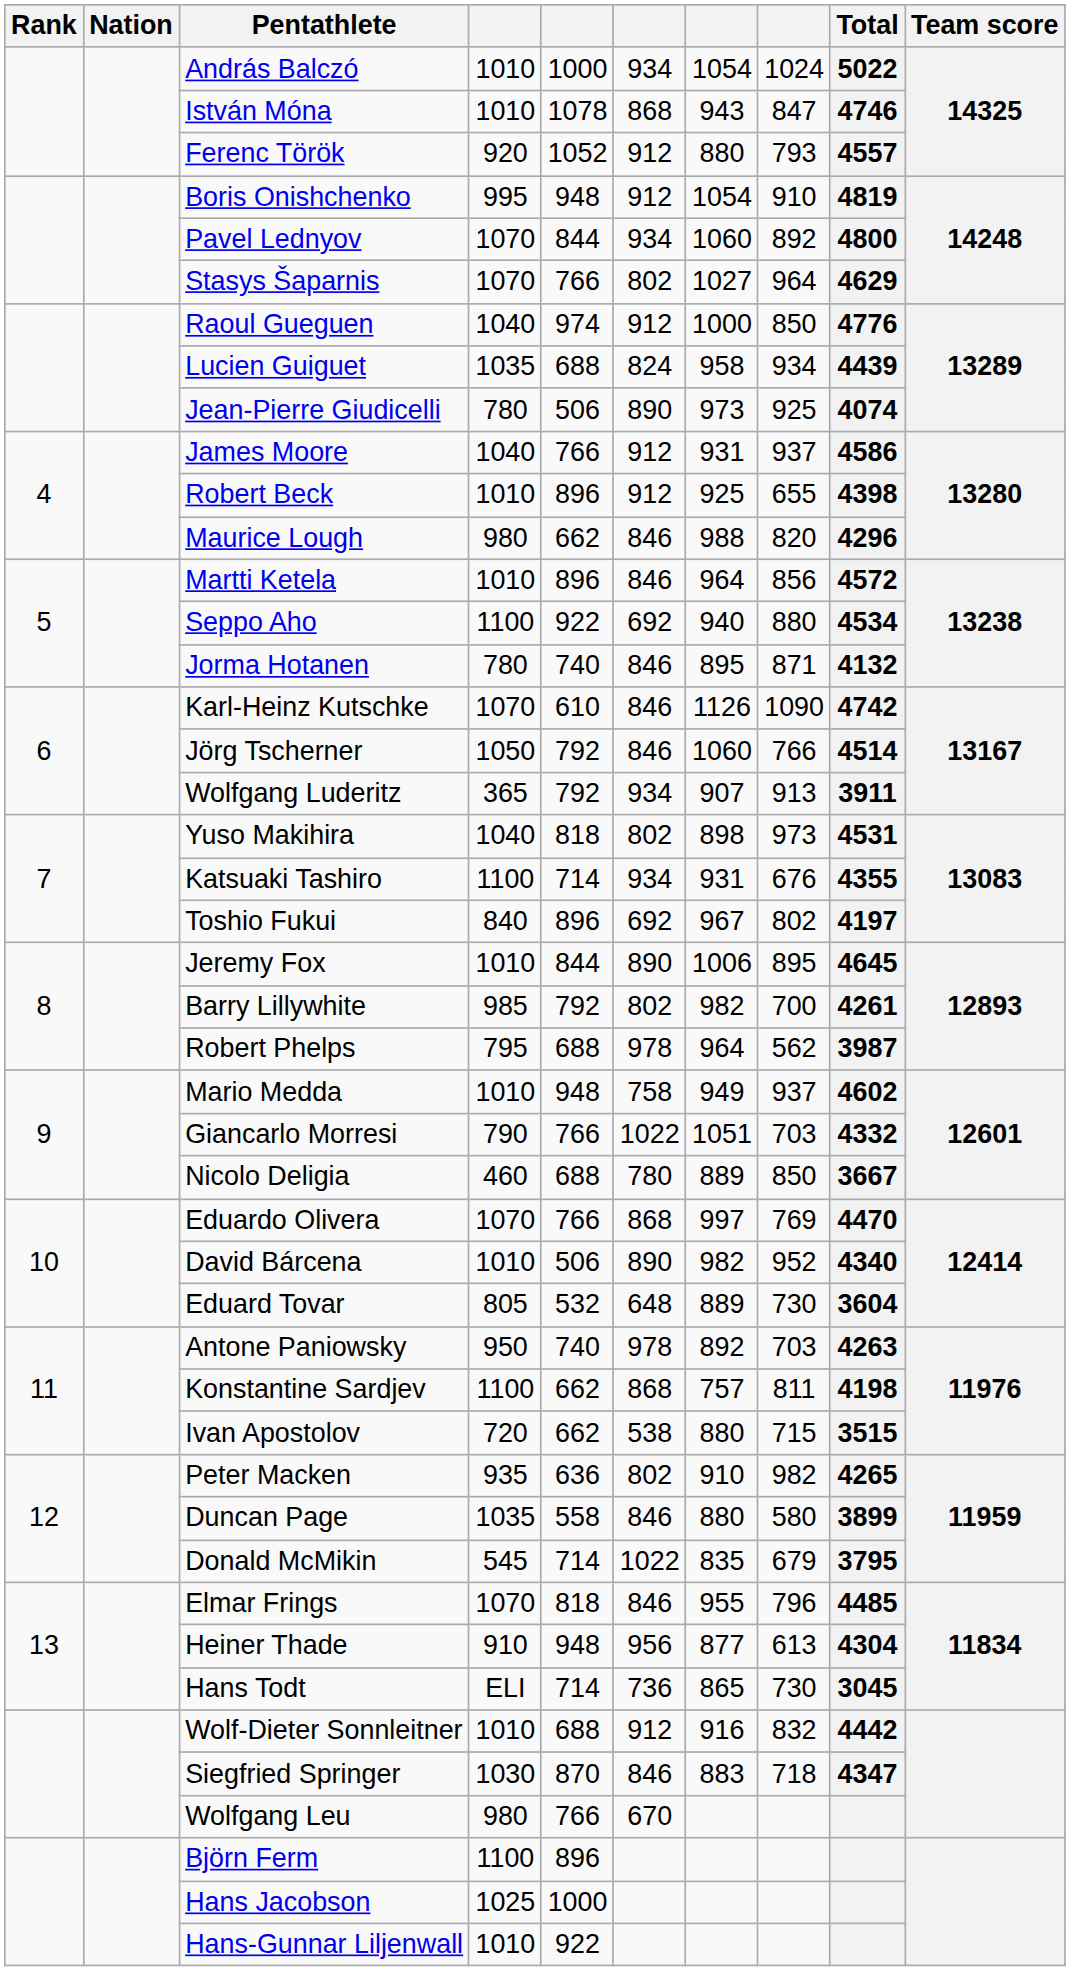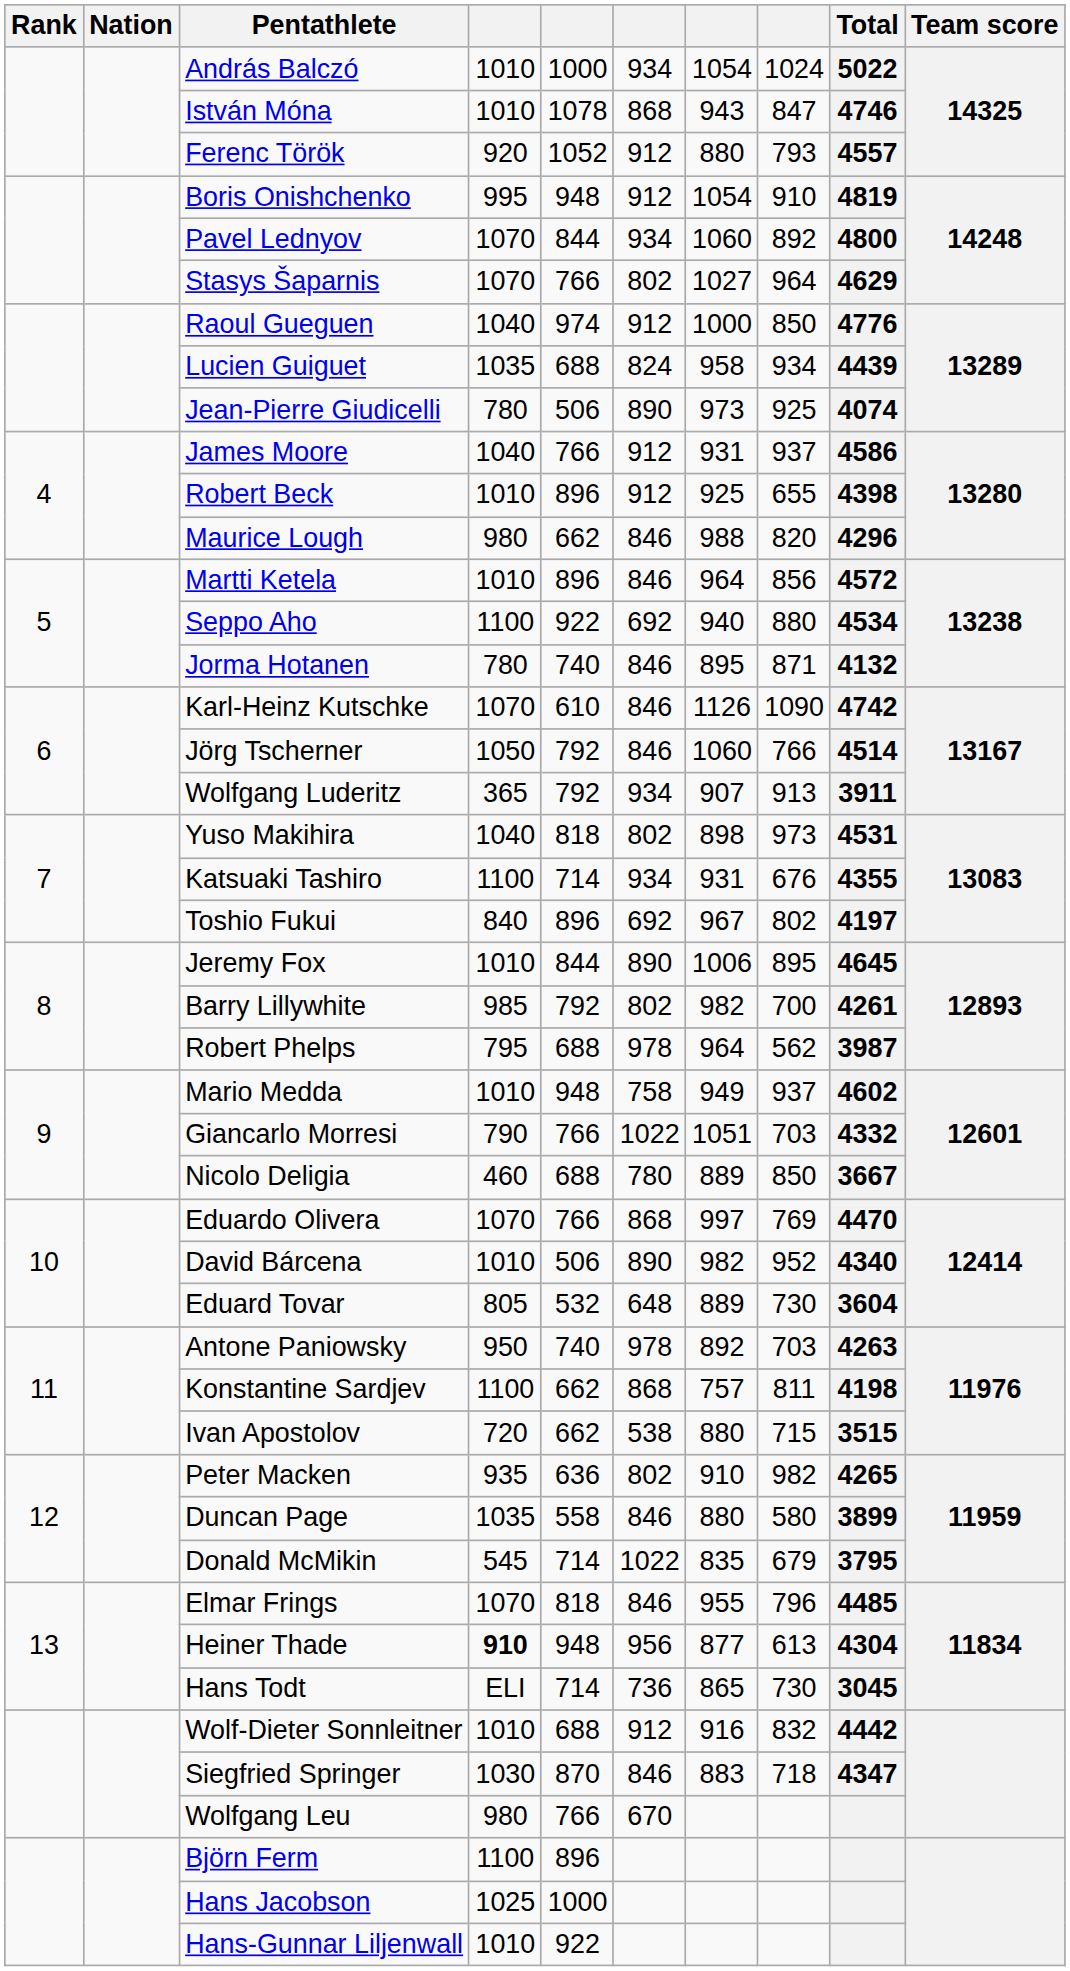 <table class="wikitable sortable" style=text-align:center>
 <tr>
 <th>Rank</th>
 <th>Nation</th>
 <th>Pentathlete</th>
 <th></th>
 <th></th>
 <th></th>
 <th></th>
 <th></th>
 <th>Total</th>
 <th>Team score</th>
 </tr>
 <tr>
 <td rowspan="3"></td>
 <td rowspan="3" align=left></td>
 <td align=left><a href='#'>András Balczó</a></td>
 <td>1010</td>
 <td>1000</td>
 <td>934</td>
 <td>1054</td>
 <td>1024</td>
 <th>5022</th>
 <th rowspan="3">14325</th>
 </tr>
 <tr>
 <td align=left><a href='#'>István Móna</a></td>
 <td>1010</td>
 <td>1078</td>
 <td>868</td>
 <td>943</td>
 <td>847</td>
 <th>4746</th>
 </tr>
 <tr>
 <td align=left><a href='#'>Ferenc Török</a></td>
 <td>920</td>
 <td>1052</td>
 <td>912</td>
 <td>880</td>
 <td>793</td>
 <th>4557</th>
 </tr>
 <tr>
 <td rowspan="3"></td>
 <td rowspan="3" align=left></td>
 <td align=left><a href='#'>Boris Onishchenko</a></td>
 <td>995</td>
 <td>948</td>
 <td>912</td>
 <td>1054</td>
 <td>910</td>
 <th>4819</th>
 <th rowspan="3">14248</th>
 </tr>
 <tr>
 <td align=left><a href='#'>Pavel Lednyov</a></td>
 <td>1070</td>
 <td>844</td>
 <td>934</td>
 <td>1060</td>
 <td>892</td>
 <th>4800</th>
 </tr>
 <tr>
 <td align=left><a href='#'>Stasys Šaparnis</a></td>
 <td>1070</td>
 <td>766</td>
 <td>802</td>
 <td>1027</td>
 <td>964</td>
 <th>4629</th>
 </tr>
 <tr>
 <td rowspan="3"></td>
 <td rowspan="3" align=left></td>
 <td align=left><a href='#'>Raoul Gueguen</a></td>
 <td>1040</td>
 <td>974</td>
 <td>912</td>
 <td>1000</td>
 <td>850</td>
 <th>4776</th>
 <th rowspan="3">13289</th>
 </tr>
 <tr>
 <td align=left><a href='#'>Lucien Guiguet</a></td>
 <td>1035</td>
 <td>688</td>
 <td>824</td>
 <td>958</td>
 <td>934</td>
 <th>4439</th>
 </tr>
 <tr>
 <td align=left><a href='#'>Jean-Pierre Giudicelli</a></td>
 <td>780</td>
 <td>506</td>
 <td>890</td>
 <td>973</td>
 <td>925</td>
 <th>4074</th>
 </tr>
 <tr>
 <td rowspan="3">4</td>
 <td rowspan="3" align=left></td>
 <td align=left><a href='#'>James Moore</a></td>
 <td>1040</td>
 <td>766</td>
 <td>912</td>
 <td>931</td>
 <td>937</td>
 <th>4586</th>
 <th rowspan="3">13280</th>
 </tr>
 <tr>
 <td align=left><a href='#'>Robert Beck</a></td>
 <td>1010</td>
 <td>896</td>
 <td>912</td>
 <td>925</td>
 <td>655</td>
 <th>4398</th>
 </tr>
 <tr>
 <td align=left><a href='#'>Maurice Lough</a></td>
 <td>980</td>
 <td>662</td>
 <td>846</td>
 <td>988</td>
 <td>820</td>
 <th>4296</th>
 </tr>
 <tr>
 <td rowspan="3">5</td>
 <td rowspan="3" align=left></td>
 <td align=left><a href='#'>Martti Ketela</a></td>
 <td>1010</td>
 <td>896</td>
 <td>846</td>
 <td>964</td>
 <td>856</td>
 <th>4572</th>
 <th rowspan="3">13238</th>
 </tr>
 <tr>
 <td align=left><a href='#'>Seppo Aho</a></td>
 <td>1100</td>
 <td>922</td>
 <td>692</td>
 <td>940</td>
 <td>880</td>
 <th>4534</th>
 </tr>
 <tr>
 <td align=left><a href='#'>Jorma Hotanen</a></td>
 <td>780</td>
 <td>740</td>
 <td>846</td>
 <td>895</td>
 <td>871</td>
 <th>4132</th>
 </tr>
 <tr>
 <td rowspan="3">6</td>
 <td rowspan="3" align=left></td>
 <td align=left>Karl-Heinz Kutschke</td>
 <td>1070</td>
 <td>610</td>
 <td>846</td>
 <td>1126</td>
 <td>1090</td>
 <th>4742</th>
 <th rowspan="3">13167</th>
 </tr>
 <tr>
 <td align=left>Jörg Tscherner</td>
 <td>1050</td>
 <td>792</td>
 <td>846</td>
 <td>1060</td>
 <td>766</td>
 <th>4514</th>
 </tr>
 <tr>
 <td align=left>Wolfgang Luderitz</td>
 <td>365</td>
 <td>792</td>
 <td>934</td>
 <td>907</td>
 <td>913</td>
 <th>3911</th>
 </tr>
 <tr>
 <td rowspan="3">7</td>
 <td rowspan="3" align=left></td>
 <td align=left>Yuso Makihira</td>
 <td>1040</td>
 <td>818</td>
 <td>802</td>
 <td>898</td>
 <td>973</td>
 <th>4531</th>
 <th rowspan="3">13083</th>
 </tr>
 <tr>
 <td align=left>Katsuaki Tashiro</td>
 <td>1100</td>
 <td>714</td>
 <td>934</td>
 <td>931</td>
 <td>676</td>
 <th>4355</th>
 </tr>
 <tr>
 <td align=left>Toshio Fukui</td>
 <td>840</td>
 <td>896</td>
 <td>692</td>
 <td>967</td>
 <td>802</td>
 <th>4197</th>
 </tr>
 <tr>
 <td rowspan="3">8</td>
 <td rowspan="3" align=left></td>
 <td align=left>Jeremy Fox</td>
 <td>1010</td>
 <td>844</td>
 <td>890</td>
 <td>1006</td>
 <td>895</td>
 <th>4645</th>
 <th rowspan="3">12893</th>
 </tr>
 <tr>
 <td align=left>Barry Lillywhite</td>
 <td>985</td>
 <td>792</td>
 <td>802</td>
 <td>982</td>
 <td>700</td>
 <th>4261</th>
 </tr>
 <tr>
 <td align=left>Robert Phelps</td>
 <td>795</td>
 <td>688</td>
 <td>978</td>
 <td>964</td>
 <td>562</td>
 <th>3987</th>
 </tr>
 <tr>
 <td rowspan="3">9</td>
 <td rowspan="3" align=left></td>
 <td align=left>Mario Medda</td>
 <td>1010</td>
 <td>948</td>
 <td>758</td>
 <td>949</td>
 <td>937</td>
 <th>4602</th>
 <th rowspan="3">12601</th>
 </tr>
 <tr>
 <td align=left>Giancarlo Morresi</td>
 <td>790</td>
 <td>766</td>
 <td>1022</td>
 <td>1051</td>
 <td>703</td>
 <th>4332</th>
 </tr>
 <tr>
 <td align=left>Nicolo Deligia</td>
 <td>460</td>
 <td>688</td>
 <td>780</td>
 <td>889</td>
 <td>850</td>
 <th>3667</th>
 </tr>
 <tr>
 <td rowspan="3">10</td>
 <td rowspan="3" align=left></td>
 <td align=left>Eduardo Olivera</td>
 <td>1070</td>
 <td>766</td>
 <td>868</td>
 <td>997</td>
 <td>769</td>
 <th>4470</th>
 <th rowspan="3">12414</th>
 </tr>
 <tr>
 <td align=left>David Bárcena</td>
 <td>1010</td>
 <td>506</td>
 <td>890</td>
 <td>982</td>
 <td>952</td>
 <th>4340</th>
 </tr>
 <tr>
 <td align=left>Eduard Tovar</td>
 <td>805</td>
 <td>532</td>
 <td>648</td>
 <td>889</td>
 <td>730</td>
 <th>3604</th>
 </tr>
 <tr>
 <td rowspan="3">11</td>
 <td rowspan="3" align=left></td>
 <td align=left>Antone Paniowsky</td>
 <td>950</td>
 <td>740</td>
 <td>978</td>
 <td>892</td>
 <td>703</td>
 <th>4263</th>
 <th rowspan="3">11976</th>
 </tr>
 <tr>
 <td align=left>Konstantine Sardjev</td>
 <td>1100</td>
 <td>662</td>
 <td>868</td>
 <td>757</td>
 <td>811</td>
 <th>4198</th>
 </tr>
 <tr>
 <td align=left>Ivan Apostolov</td>
 <td>720</td>
 <td>662</td>
 <td>538</td>
 <td>880</td>
 <td>715</td>
 <th>3515</th>
 </tr>
 <tr>
 <td rowspan="3">12</td>
 <td rowspan="3" align=left></td>
 <td align=left>Peter Macken</td>
 <td>935</td>
 <td>636</td>
 <td>802</td>
 <td>910</td>
 <td>982</td>
 <th>4265</th>
 <th rowspan="3">11959</th>
 </tr>
 <tr>
 <td align=left>Duncan Page</td>
 <td>1035</td>
 <td>558</td>
 <td>846</td>
 <td>880</td>
 <td>580</td>
 <th>3899</th>
 </tr>
 <tr>
 <td align=left>Donald McMikin</td>
 <td>545</td>
 <td>714</td>
 <td>1022</td>
 <td>835</td>
 <td>679</td>
 <th>3795</th>
 </tr>
 <tr>
 <td rowspan="3">13</td>
 <td rowspan="3" align=left></td>
 <td align=left>Elmar Frings</td>
 <td>1070</td>
 <td>818</td>
 <td>846</td>
 <td>955</td>
 <td>796</td>
 <th>4485</th>
 <th rowspan="3">11834</th>
 </tr>
 <tr>
 <td align=left>Heiner Thade</td>
-<td>910</td>
+<td><strong>910</strong></td>
 <td>948</td>
 <td>956</td>
 <td>877</td>
 <td>613</td>
 <th>4304</th>
 </tr>
 <tr>
 <td align=left>Hans Todt</td>
 <td>ELI</td>
 <td>714</td>
 <td>736</td>
 <td>865</td>
 <td>730</td>
 <th>3045</th>
 </tr>
 <tr>
 <td rowspan="3"></td>
 <td rowspan="3" align=left></td>
 <td align=left>Wolf-Dieter Sonnleitner</td>
 <td>1010</td>
 <td>688</td>
 <td>912</td>
 <td>916</td>
 <td>832</td>
 <th>4442</th>
 <th rowspan="3"></th>
 </tr>
 <tr>
 <td align=left>Siegfried Springer</td>
 <td>1030</td>
 <td>870</td>
 <td>846</td>
 <td>883</td>
 <td>718</td>
 <th>4347</th>
 </tr>
 <tr>
 <td align=left>Wolfgang Leu</td>
 <td>980</td>
 <td>766</td>
 <td>670</td>
 <td></td>
 <td></td>
 <th></th>
 </tr>
 <tr>
 <td rowspan="3"></td>
 <td rowspan="3" align=left></td>
 <td align=left><a href='#'>Björn Ferm</a></td>
 <td>1100</td>
 <td>896</td>
 <td></td>
 <td></td>
 <td></td>
 <th></th>
 <th rowspan="3"></th>
 </tr>
 <tr>
 <td align=left><a href='#'>Hans Jacobson</a></td>
 <td>1025</td>
 <td>1000</td>
 <td></td>
 <td></td>
 <td></td>
 <th></th>
 </tr>
 <tr>
 <td align=left><a href='#'>Hans-Gunnar Liljenwall</a></td>
 <td>1010</td>
 <td>922</td>
 <td></td>
 <td></td>
 <td></td>
 <th></th>
 </tr>
 </table>
